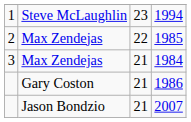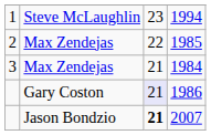 <table class="wikitable">
 <tr>
 </tr>
 <tr>
 <td>1</td>
 <td><a href='#'>Steve McLaughlin</a></td>
 <td>23</td>
 <td><a href='#'>1994</a></td>
 </tr>
 <tr>
 <td>2</td>
 <td><a href='#'>Max Zendejas</a></td>
 <td>22</td>
 <td><a href='#'>1985</a></td>
 </tr>
 <tr>
 <td>3</td>
 <td><a href='#'>Max Zendejas</a></td>
 <td>21</td>
 <td><a href='#'>1984</a></td>
 </tr>
 <tr>
 <td></td>
 <td>Gary Coston</td>
-<td>21</td>
+<td style="background: lavender;">21</td>
 <td><a href='#'>1986</a></td>
 </tr>
 <tr>
 <td></td>
 <td>Jason Bondzio</td>
-<td>21</td>
+<td><strong>21</strong></td>
 <td><a href='#'>2007</a></td>
 </tr>
 </table>
